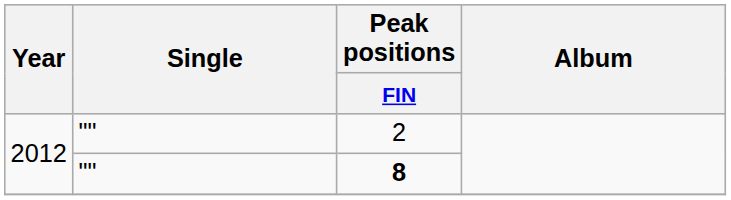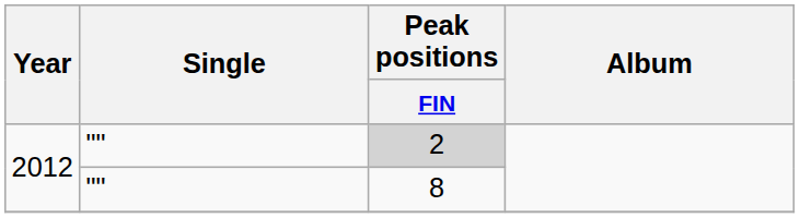 <table class="wikitable">
 <tr>
 <th align="center" rowspan="2" width="20">Year</th>
 <th align="center" rowspan="2" width="160">Single</th>
 <th align="center" colspan="1" width="20">Peak positions</th>
 <th align="center" rowspan="2" width="160">Album</th>
 </tr>
 <tr>
 <th width="20"><small><a href='#'>FIN</a><br></small></th>
 </tr>
 <tr>
 <td style="text-align:center;" rowspan=2>2012</td>
 <td>""</td>
-<td style="text-align:center;">2</td>
+<td style="background: lightgrey; text-align:center;">2</td>
 <td style="text-align:center;" rowspan=2></td>
 </tr>
 <tr>
 <td>""</td>
-<td style="text-align:center;"><strong>8</strong></td>
+<td style="text-align:center;">8</td>
 </tr>
 <tr>
 </tr>
 </table>
